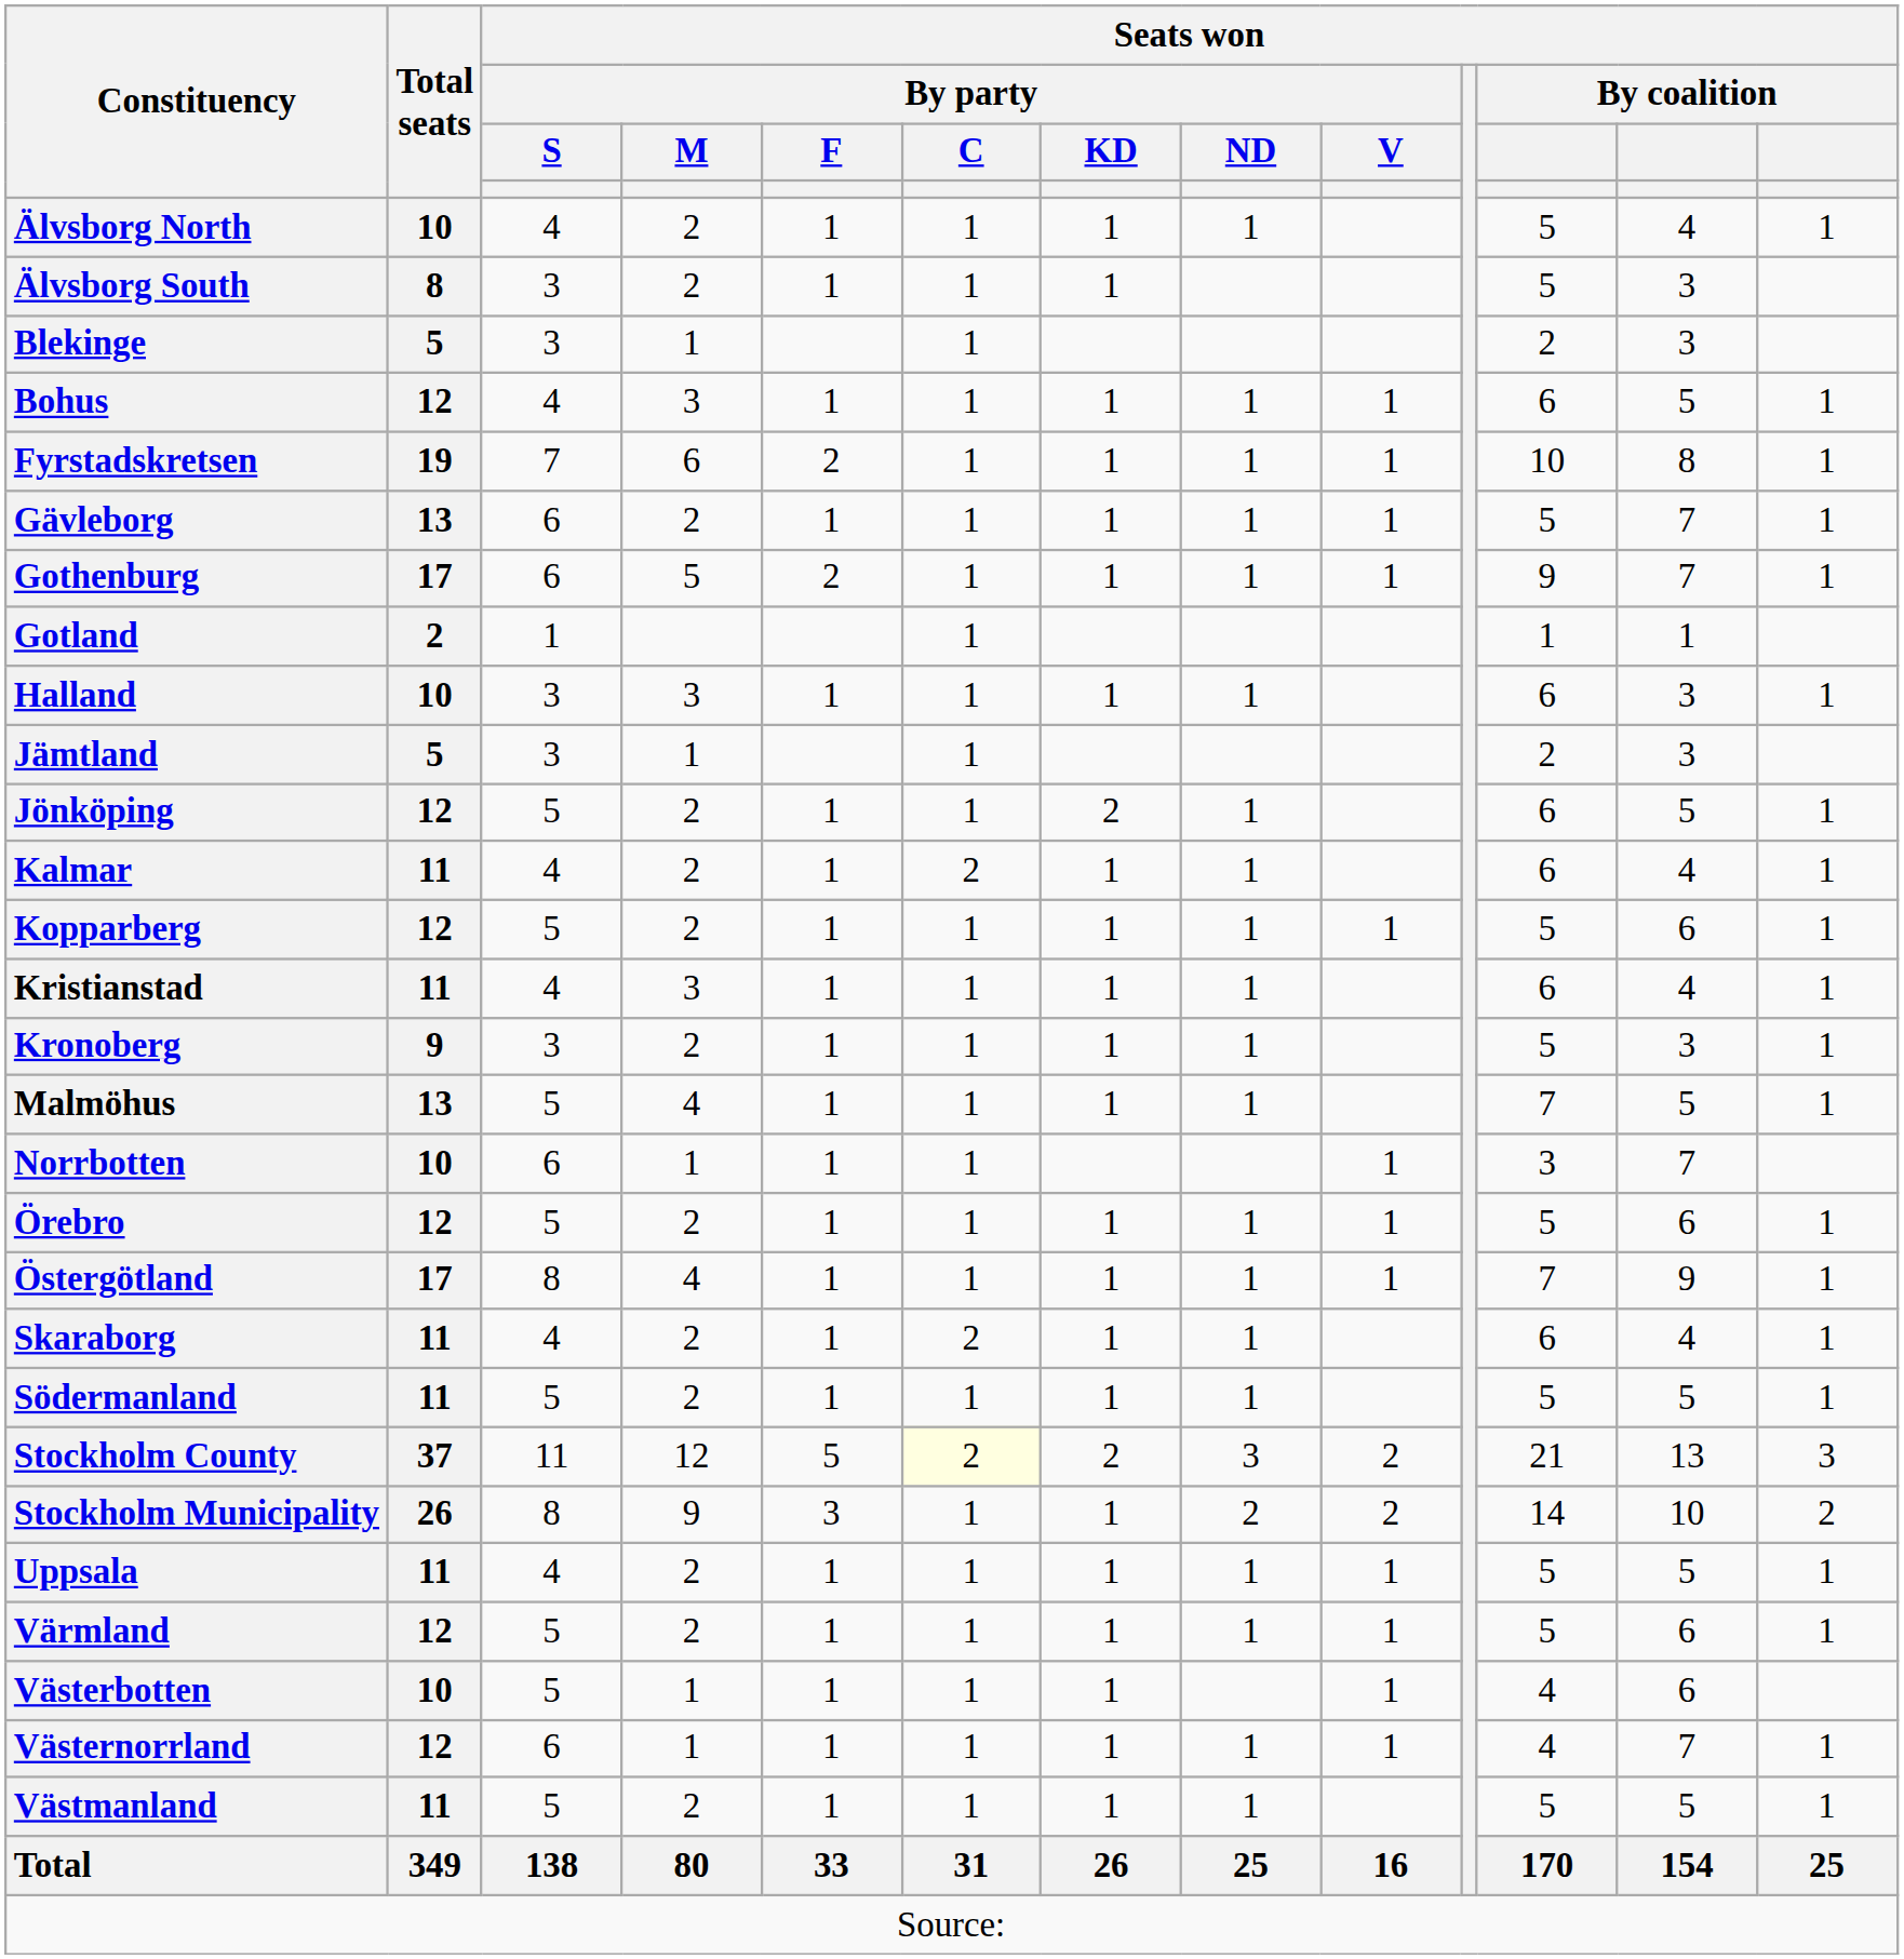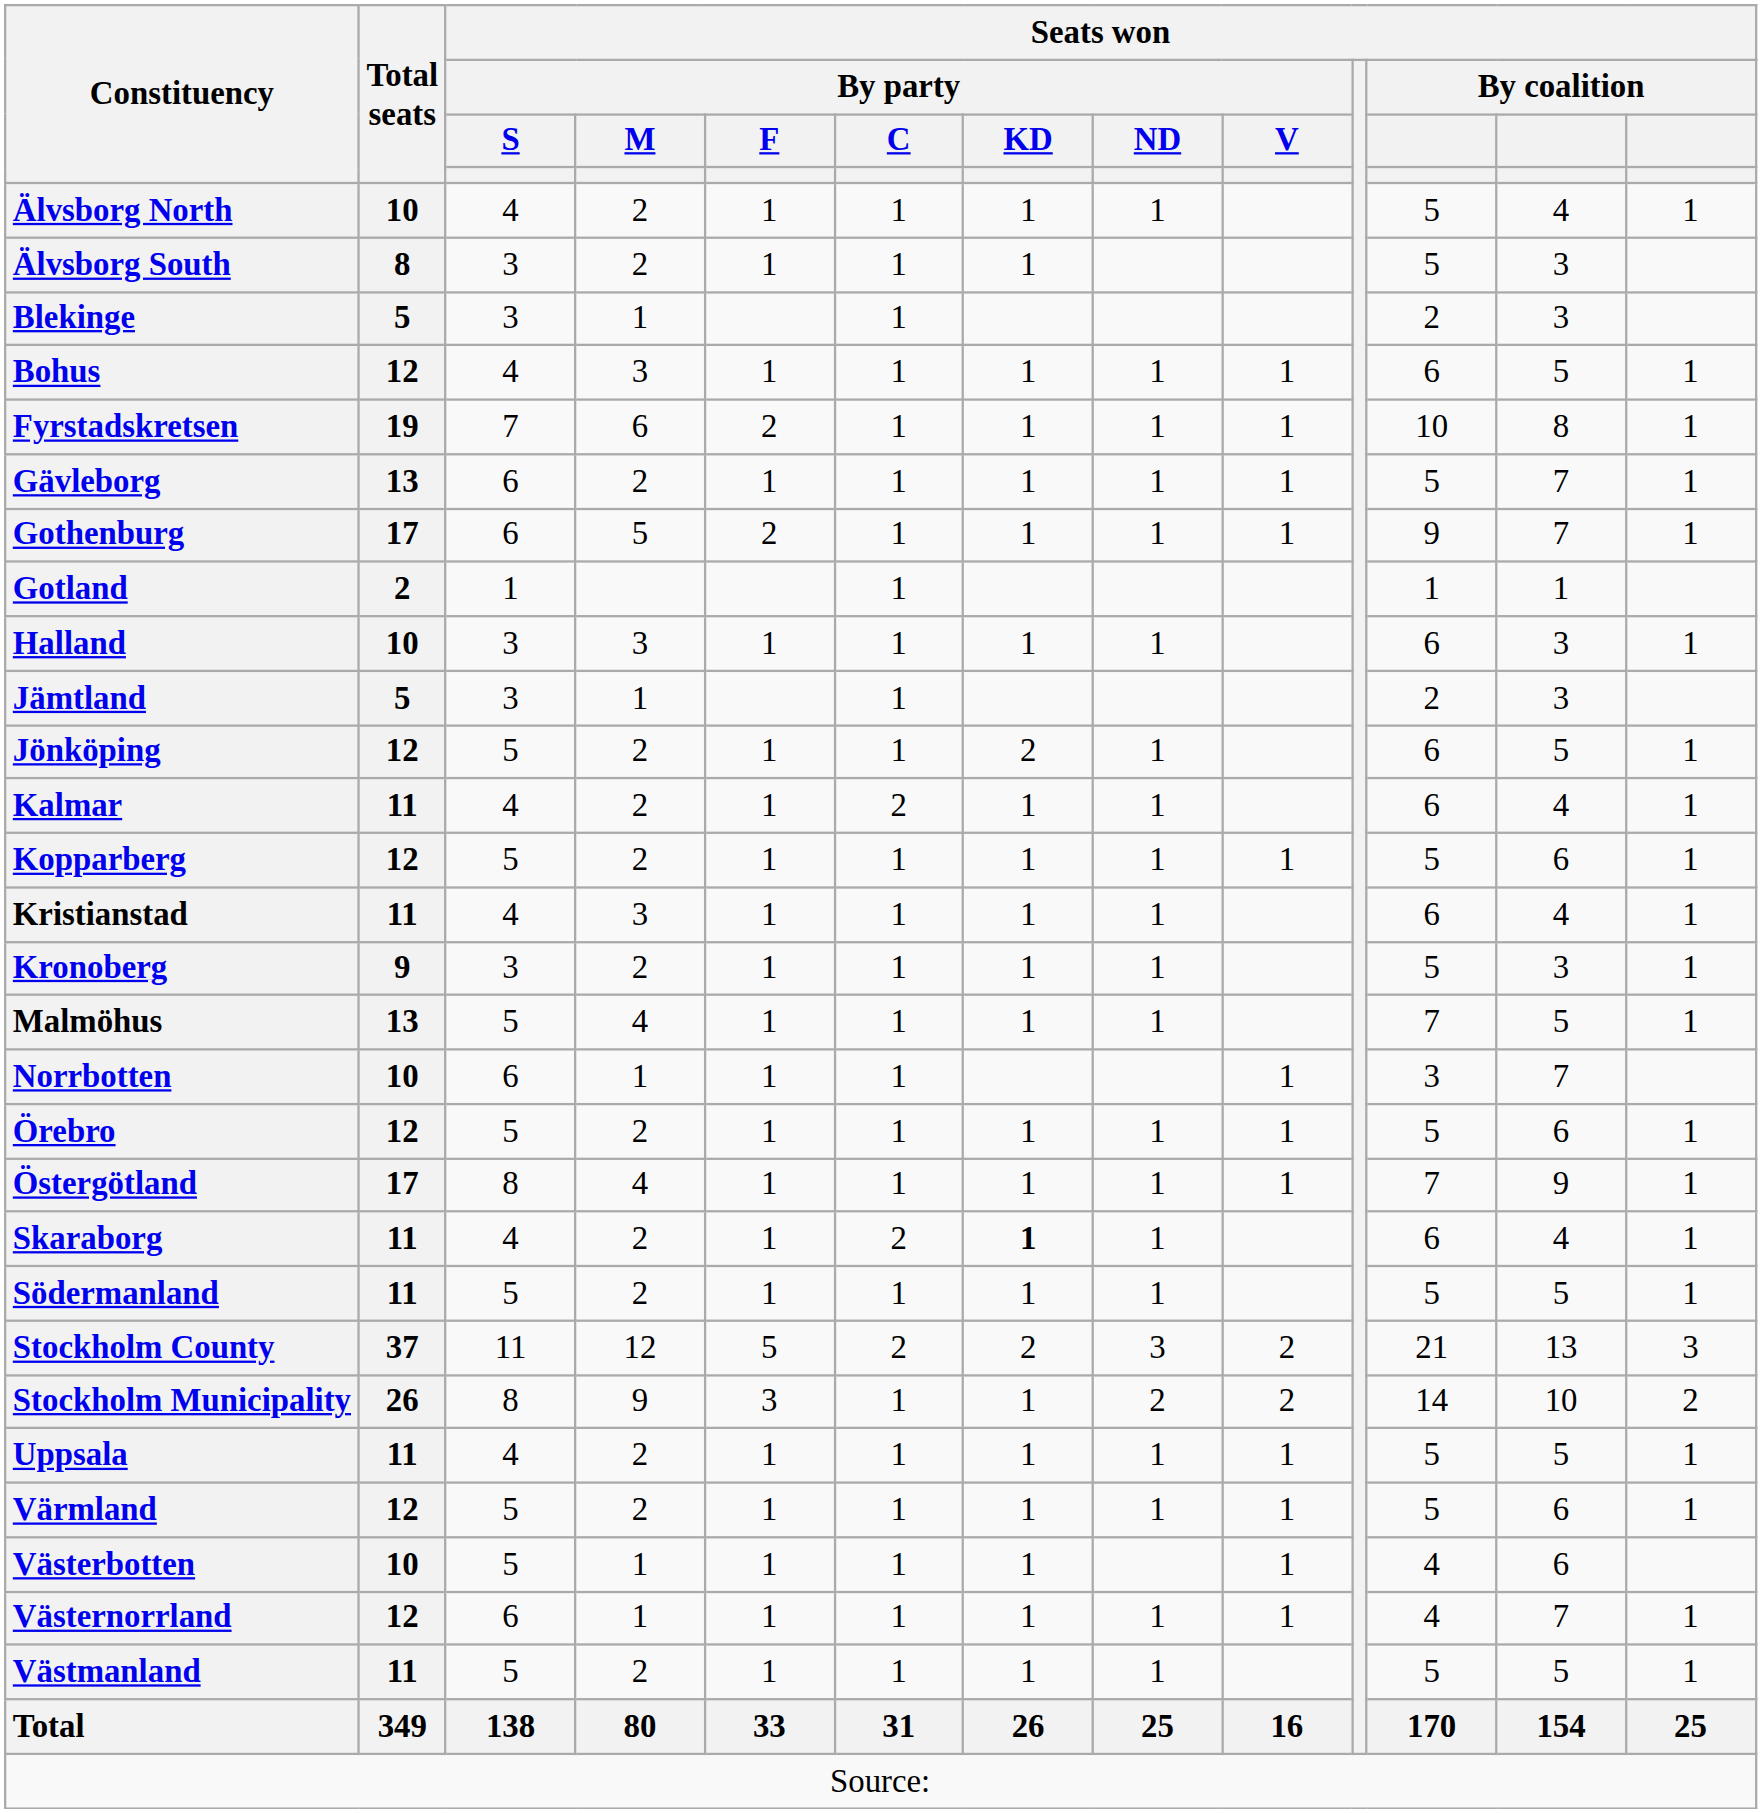 <table class="wikitable" style="text-align:center; font-size: 0.9em;">
 <tr>
 <th rowspan="4">Constituency</th>
 <th rowspan="4">Total<br>seats</th>
 <th colspan="11">Seats won</th>
 </tr>
 <tr>
 <th colspan="7">By party</th>
 <th rowspan="32"></th>
 <th colspan="3">By coalition</th>
 </tr>
 <tr>
 <th class="unsortable" style="width:50px;"><a href='#'>S</a></th>
 <th class="unsortable" style="width:50px;"><a href='#'>M</a></th>
 <th class="unsortable" style="width:50px;"><a href='#'>F</a></th>
 <th class="unsortable" style="width:50px;"><a href='#'>C</a></th>
 <th class="unsortable" style="width:50px;"><a href='#'>KD</a></th>
 <th class="unsortable" style="width:50px;"><a href='#'>ND</a></th>
 <th class="unsortable" style="width:50px;"><a href='#'>V</a></th>
 <th class="unsortable" style="width:50px;"></th>
 <th class="unsortable" style="width:50px;"></th>
 <th class="unsortable" style="width:50px;"></th>
 </tr>
 <tr>
 <th style="background:"></th>
 <th style="background:"></th>
 <th style="background:"></th>
 <th style="background:"></th>
 <th style="background:"></th>
 <th style="background:"></th>
 <th style="background:"></th>
 <th style="background:"></th>
 <th style="background:"></th>
 <th></th>
 </tr>
 <tr>
 <th style="text-align: left;"><a href='#'>Älvsborg North</a></th>
 <th>10</th>
 <td>4</td>
 <td>2</td>
 <td>1</td>
 <td>1</td>
 <td>1</td>
 <td>1</td>
 <td></td>
 <td>5</td>
 <td>4</td>
 <td>1</td>
 </tr>
 <tr>
 <th style="text-align: left;"><a href='#'>Älvsborg South</a></th>
 <th>8</th>
 <td>3</td>
 <td>2</td>
 <td>1</td>
 <td>1</td>
 <td>1</td>
 <td></td>
 <td></td>
 <td>5</td>
 <td>3</td>
 <td></td>
 </tr>
 <tr>
 <th style="text-align: left;"><a href='#'>Blekinge</a></th>
 <th>5</th>
 <td>3</td>
 <td>1</td>
 <td></td>
 <td>1</td>
 <td></td>
 <td></td>
 <td></td>
 <td>2</td>
 <td>3</td>
 <td></td>
 </tr>
 <tr>
 <th style="text-align: left;"><a href='#'>Bohus</a></th>
 <th>12</th>
 <td>4</td>
 <td>3</td>
 <td>1</td>
 <td>1</td>
 <td>1</td>
 <td>1</td>
 <td>1</td>
 <td>6</td>
 <td>5</td>
 <td>1</td>
 </tr>
 <tr>
 <th style="text-align: left;"><a href='#'>Fyrstadskretsen</a></th>
 <th>19</th>
 <td>7</td>
 <td>6</td>
 <td>2</td>
 <td>1</td>
 <td>1</td>
 <td>1</td>
 <td>1</td>
 <td>10</td>
 <td>8</td>
 <td>1</td>
 </tr>
 <tr>
 <th style="text-align: left;"><a href='#'>Gävleborg</a></th>
 <th>13</th>
 <td>6</td>
 <td>2</td>
 <td>1</td>
 <td>1</td>
 <td>1</td>
 <td>1</td>
 <td>1</td>
 <td>5</td>
 <td>7</td>
 <td>1</td>
 </tr>
 <tr>
 <th style="text-align: left;"><a href='#'>Gothenburg</a></th>
 <th>17</th>
 <td>6</td>
 <td>5</td>
 <td>2</td>
 <td>1</td>
 <td>1</td>
 <td>1</td>
 <td>1</td>
 <td>9</td>
 <td>7</td>
 <td>1</td>
 </tr>
 <tr>
 <th style="text-align: left;"><a href='#'>Gotland</a></th>
 <th>2</th>
 <td>1</td>
 <td></td>
 <td></td>
 <td>1</td>
 <td></td>
 <td></td>
 <td></td>
 <td>1</td>
 <td>1</td>
 <td></td>
 </tr>
 <tr>
 <th style="text-align: left;"><a href='#'>Halland</a></th>
 <th>10</th>
 <td>3</td>
 <td>3</td>
 <td>1</td>
 <td>1</td>
 <td>1</td>
 <td>1</td>
 <td></td>
 <td>6</td>
 <td>3</td>
 <td>1</td>
 </tr>
 <tr>
 <th style="text-align: left;"><a href='#'>Jämtland</a></th>
 <th>5</th>
 <td>3</td>
 <td>1</td>
 <td></td>
 <td>1</td>
 <td></td>
 <td></td>
 <td></td>
 <td>2</td>
 <td>3</td>
 <td></td>
 </tr>
 <tr>
 <th style="text-align: left;"><a href='#'>Jönköping</a></th>
 <th>12</th>
 <td>5</td>
 <td>2</td>
 <td>1</td>
 <td>1</td>
 <td>2</td>
 <td>1</td>
 <td></td>
 <td>6</td>
 <td>5</td>
 <td>1</td>
 </tr>
 <tr>
 <th style="text-align: left;"><a href='#'>Kalmar</a></th>
 <th>11</th>
 <td>4</td>
 <td>2</td>
 <td>1</td>
 <td>2</td>
 <td>1</td>
 <td>1</td>
 <td></td>
 <td>6</td>
 <td>4</td>
 <td>1</td>
 </tr>
 <tr>
 <th style="text-align: left;"><a href='#'>Kopparberg</a></th>
 <th>12</th>
 <td>5</td>
 <td>2</td>
 <td>1</td>
 <td>1</td>
 <td>1</td>
 <td>1</td>
 <td>1</td>
 <td>5</td>
 <td>6</td>
 <td>1</td>
 </tr>
 <tr>
 <th style="text-align: left;">Kristianstad</th>
 <th>11</th>
 <td>4</td>
 <td>3</td>
 <td>1</td>
 <td>1</td>
 <td>1</td>
 <td>1</td>
 <td></td>
 <td>6</td>
 <td>4</td>
 <td>1</td>
 </tr>
 <tr>
 <th style="text-align: left;"><a href='#'>Kronoberg</a></th>
 <th>9</th>
 <td>3</td>
 <td>2</td>
 <td>1</td>
 <td>1</td>
 <td>1</td>
 <td>1</td>
 <td></td>
 <td>5</td>
 <td>3</td>
 <td>1</td>
 </tr>
 <tr>
 <th style="text-align: left;">Malmöhus</th>
 <th>13</th>
 <td>5</td>
 <td>4</td>
 <td>1</td>
 <td>1</td>
 <td>1</td>
 <td>1</td>
 <td></td>
 <td>7</td>
 <td>5</td>
 <td>1</td>
 </tr>
 <tr>
 <th style="text-align: left;"><a href='#'>Norrbotten</a></th>
 <th>10</th>
 <td>6</td>
 <td>1</td>
 <td>1</td>
 <td>1</td>
 <td></td>
 <td></td>
 <td>1</td>
 <td>3</td>
 <td>7</td>
 <td></td>
 </tr>
 <tr>
 <th style="text-align: left;"><a href='#'>Örebro</a></th>
 <th>12</th>
 <td>5</td>
 <td>2</td>
 <td>1</td>
 <td>1</td>
 <td>1</td>
 <td>1</td>
 <td>1</td>
 <td>5</td>
 <td>6</td>
 <td>1</td>
 </tr>
 <tr>
 <th style="text-align: left;"><a href='#'>Östergötland</a></th>
 <th>17</th>
 <td>8</td>
 <td>4</td>
 <td>1</td>
 <td>1</td>
 <td>1</td>
 <td>1</td>
 <td>1</td>
 <td>7</td>
 <td>9</td>
 <td>1</td>
 </tr>
 <tr>
 <th style="text-align: left;"><a href='#'>Skaraborg</a></th>
 <th>11</th>
 <td>4</td>
 <td>2</td>
 <td>1</td>
 <td>2</td>
-<td>1</td>
+<td><strong>1</strong></td>
 <td>1</td>
 <td></td>
 <td>6</td>
 <td>4</td>
 <td>1</td>
 </tr>
 <tr>
 <th style="text-align: left;"><a href='#'>Södermanland</a></th>
 <th>11</th>
 <td>5</td>
 <td>2</td>
 <td>1</td>
 <td>1</td>
 <td>1</td>
 <td>1</td>
 <td></td>
 <td>5</td>
 <td>5</td>
 <td>1</td>
 </tr>
 <tr>
 <th style="text-align: left;"><a href='#'>Stockholm County</a></th>
 <th>37</th>
 <td>11</td>
 <td>12</td>
 <td>5</td>
-<td style="background: lightyellow;">2</td>
+<td>2</td>
 <td>2</td>
 <td>3</td>
 <td>2</td>
 <td>21</td>
 <td>13</td>
 <td>3</td>
 </tr>
 <tr>
 <th style="text-align: left;"><a href='#'>Stockholm Municipality</a></th>
 <th>26</th>
 <td>8</td>
 <td>9</td>
 <td>3</td>
 <td>1</td>
 <td>1</td>
 <td>2</td>
 <td>2</td>
 <td>14</td>
 <td>10</td>
 <td>2</td>
 </tr>
 <tr>
 <th style="text-align: left;"><a href='#'>Uppsala</a></th>
 <th>11</th>
 <td>4</td>
 <td>2</td>
 <td>1</td>
 <td>1</td>
 <td>1</td>
 <td>1</td>
 <td>1</td>
 <td>5</td>
 <td>5</td>
 <td>1</td>
 </tr>
 <tr>
 <th style="text-align: left;"><a href='#'>Värmland</a></th>
 <th>12</th>
 <td>5</td>
 <td>2</td>
 <td>1</td>
 <td>1</td>
 <td>1</td>
 <td>1</td>
 <td>1</td>
 <td>5</td>
 <td>6</td>
 <td>1</td>
 </tr>
 <tr>
 <th style="text-align: left;"><a href='#'>Västerbotten</a></th>
 <th>10</th>
 <td>5</td>
 <td>1</td>
 <td>1</td>
 <td>1</td>
 <td>1</td>
 <td></td>
 <td>1</td>
 <td>4</td>
 <td>6</td>
 <td></td>
 </tr>
 <tr>
 <th style="text-align: left;"><a href='#'>Västernorrland</a></th>
 <th>12</th>
 <td>6</td>
 <td>1</td>
 <td>1</td>
 <td>1</td>
 <td>1</td>
 <td>1</td>
 <td>1</td>
 <td>4</td>
 <td>7</td>
 <td>1</td>
 </tr>
 <tr>
 <th style="text-align: left;"><a href='#'>Västmanland</a></th>
 <th>11</th>
 <td>5</td>
 <td>2</td>
 <td>1</td>
 <td>1</td>
 <td>1</td>
 <td>1</td>
 <td></td>
 <td>5</td>
 <td>5</td>
 <td>1</td>
 </tr>
 <tr>
 <th style="text-align: left;">Total</th>
 <th>349</th>
 <th>138</th>
 <th>80</th>
 <th>33</th>
 <th>31</th>
 <th>26</th>
 <th>25</th>
 <th>16</th>
 <th>170</th>
 <th>154</th>
 <th>25</th>
 </tr>
 <tr>
 <td colspan="13">Source: </td>
 </tr>
 </table>
